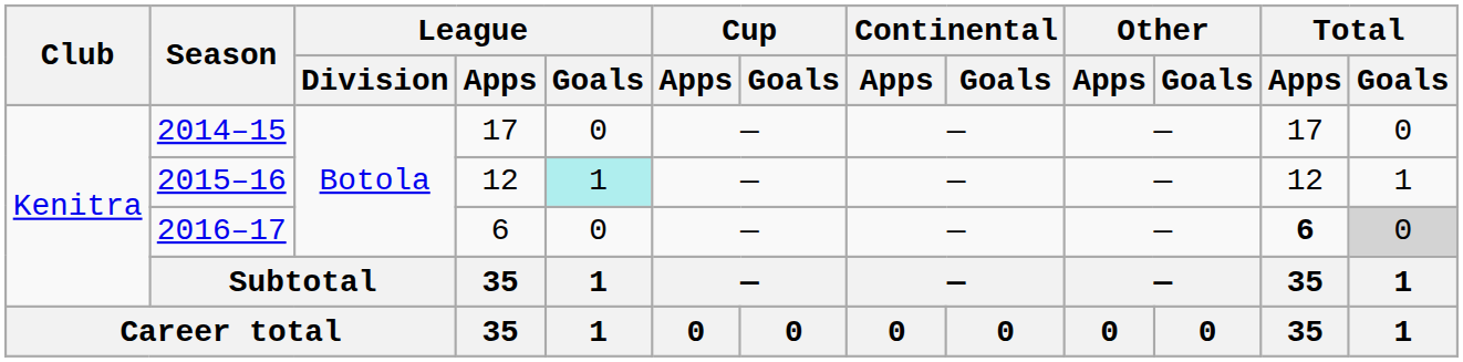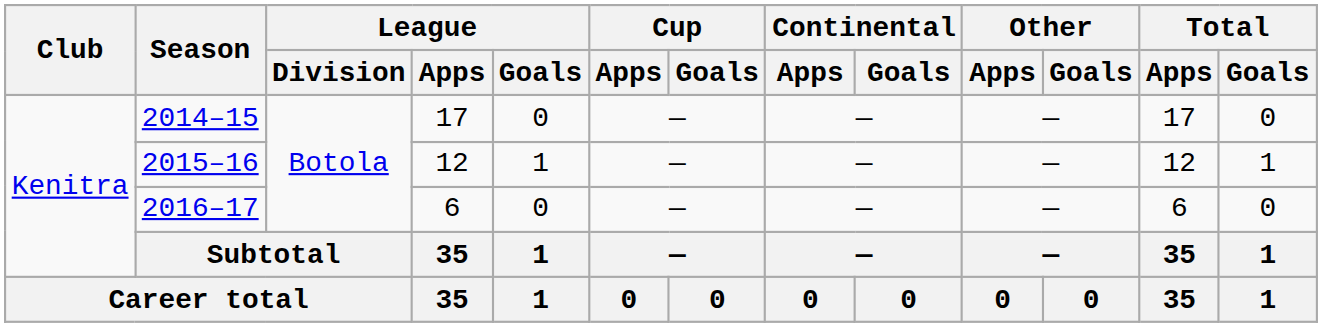 <table class="wikitable" style="text-align: center;">
 <tr>
 <th rowspan="2">Club</th>
 <th rowspan="2">Season</th>
 <th colspan="3">League</th>
 <th colspan="2">Cup</th>
 <th colspan="2">Continental</th>
 <th colspan="2">Other</th>
 <th colspan="2">Total</th>
 </tr>
 <tr>
 <th>Division</th>
 <th>Apps</th>
 <th>Goals</th>
 <th>Apps</th>
 <th>Goals</th>
 <th>Apps</th>
 <th>Goals</th>
 <th>Apps</th>
 <th>Goals</th>
 <th>Apps</th>
 <th>Goals</th>
 </tr>
 <tr>
 <td rowspan=4 valign="center"><a href='#'>Kenitra</a></td>
 <td><a href='#'>2014–15</a></td>
 <td rowspan=3><a href='#'>Botola</a></td>
 <td>17</td>
 <td>0</td>
 <td colspan="2">—</td>
 <td colspan="2">—</td>
 <td colspan="2">—</td>
 <td>17</td>
 <td>0</td>
 </tr>
 <tr>
 <td><a href='#'>2015–16</a></td>
 <td>12</td>
-<td style="background: paleturquoise;">1</td>
+<td>1</td>
 <td colspan="2">—</td>
 <td colspan="2">—</td>
 <td colspan="2">—</td>
 <td>12</td>
 <td>1</td>
 </tr>
 <tr>
 <td><a href='#'>2016–17</a></td>
 <td>6</td>
 <td>0</td>
 <td colspan="2">—</td>
 <td colspan="2">—</td>
 <td colspan="2">—</td>
-<td><strong>6</strong></td>
-<td style="background: lightgrey;">0</td>
+<td>6</td>
+<td>0</td>
 </tr>
 <tr>
 <th colspan="2">Subtotal</th>
 <th>35</th>
 <th>1</th>
 <th colspan="2">—</th>
 <th colspan="2">—</th>
 <th colspan="2">—</th>
 <th>35</th>
 <th>1</th>
 </tr>
 <tr>
 <th colspan="3"><strong>Career total</strong></th>
 <th>35</th>
 <th>1</th>
 <th>0</th>
 <th>0</th>
 <th>0</th>
 <th>0</th>
 <th>0</th>
 <th>0</th>
 <th>35</th>
 <th>1</th>
 </tr>
 </table>
